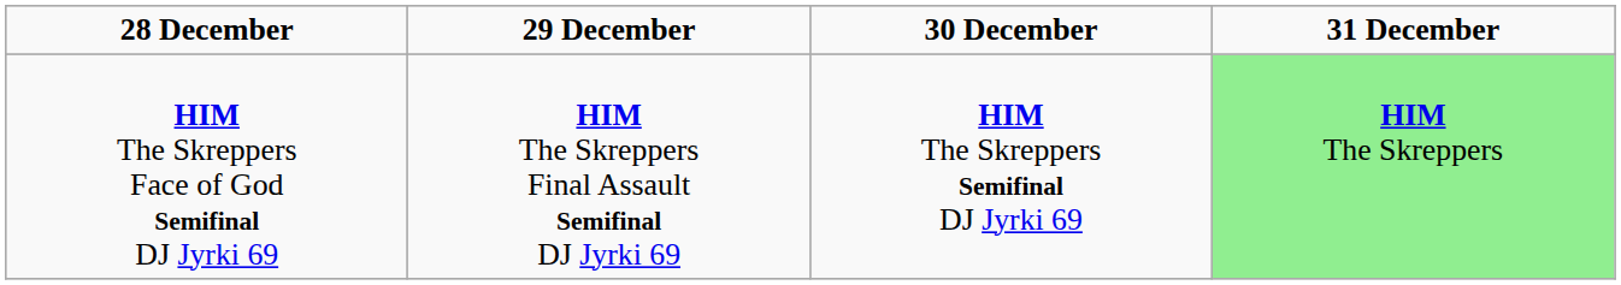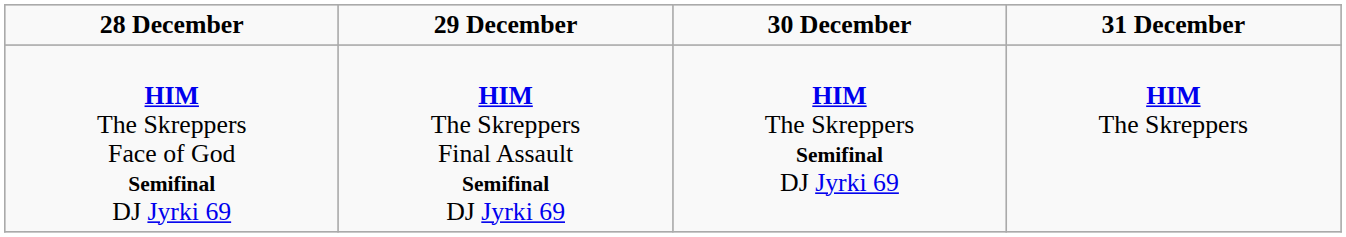 <table class="wikitable">
 <tr>
 <td colspan="1" style="text-align:center;"><strong>28 December</strong> <br></td>
 <td colspan="1" style="text-align:center;"><strong>29 December</strong> <br></td>
 <td colspan="1" style="text-align:center;"><strong>30 December</strong> <br></td>
 <td colspan="1" style="text-align:center;"><strong>31 December</strong> <br></td>
 </tr>
 <tr>
 <td style="text-align:center; vertical-align:top; width:200px;"><br><strong><a href='#'>HIM</a></strong><br> The Skreppers<br> Face of God<br> <small><strong>Semifinal</strong></small><br> DJ <a href='#'>Jyrki 69</a><br></td>
 <td style="text-align:center; vertical-align:top; width:200px;"><br><strong><a href='#'>HIM</a></strong><br> The Skreppers<br> Final Assault<br> <small><strong>Semifinal</strong></small><br> DJ <a href='#'>Jyrki 69</a><br></td>
 <td style="text-align:center; vertical-align:top; width:200px;"><br><strong><a href='#'>HIM</a></strong><br> The Skreppers<br> <small><strong>Semifinal</strong></small><br> DJ <a href='#'>Jyrki 69</a><br></td>
-<td style="background: lightgreen; text-align:center; vertical-align:top; width:200px;"><br><strong><a href='#'>HIM</a></strong><br> The Skreppers<br></td>
+<td style="text-align:center; vertical-align:top; width:200px;"><br><strong><a href='#'>HIM</a></strong><br> The Skreppers<br></td>
 </tr>
 </table>
